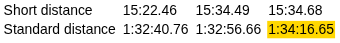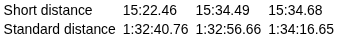 <table>
 <tr>
 <td>Short distance<br></td>
 <td></td>
 <td>15:22.46</td>
 <td></td>
 <td>15:34.49</td>
 <td></td>
 <td>15:34.68</td>
 </tr>
 <tr>
 <td>Standard distance<br></td>
 <td></td>
 <td>1:32:40.76</td>
 <td></td>
 <td>1:32:56.66</td>
 <td></td>
-<td style="background: gold;">1:34:16.65</td>
+<td>1:34:16.65</td>
 </tr>
 </table>
